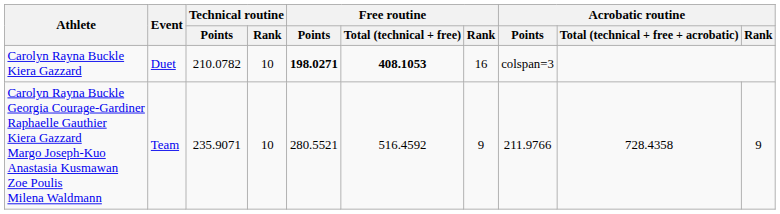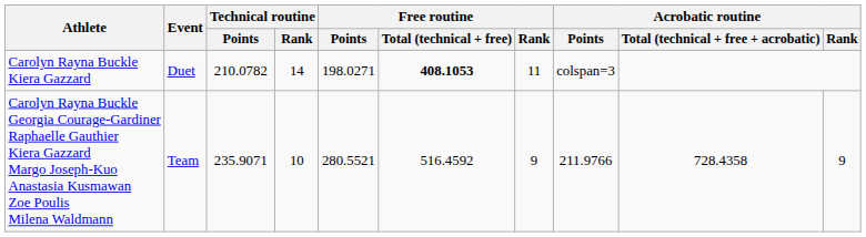 <table class=wikitable style=font-size:90%;text-align:center>
 <tr>
 <th rowspan=2>Athlete</th>
 <th rowspan=2>Event</th>
 <th colspan=2>Technical routine</th>
 <th colspan=3>Free routine</th>
 <th colspan=3>Acrobatic routine</th>
 </tr>
 <tr style=font-size:95%>
 <th>Points</th>
 <th>Rank</th>
 <th>Points</th>
 <th>Total (technical + free)</th>
 <th>Rank</th>
 <th>Points</th>
 <th>Total (technical + free + acrobatic)</th>
 <th>Rank</th>
 </tr>
 <tr>
 <td align=left><a href='#'>Carolyn Rayna Buckle</a><br><a href='#'>Kiera Gazzard</a></td>
 <td align=left><a href='#'>Duet</a></td>
 <td>210.0782</td>
-<td>10</td>
-<td><strong>198.0271</strong></td>
+<td>14</td>
+<td>198.0271</td>
 <td><strong>408.1053</strong></td>
-<td>16</td>
+<td>11</td>
 <td>colspan=3 </td>
 </tr>
 <tr>
 <td align=left><a href='#'>Carolyn Rayna Buckle</a> <br> <a href='#'>Georgia Courage-Gardiner</a> <br><a href='#'>Raphaelle Gauthier</a> <br> <a href='#'>Kiera Gazzard</a> <br> <a href='#'>Margo Joseph-Kuo</a> <br> <a href='#'>Anastasia Kusmawan</a> <br><a href='#'>Zoe Poulis</a> <br><a href='#'>Milena Waldmann</a></td>
 <td align=left><a href='#'>Team</a></td>
 <td>235.9071</td>
 <td>10</td>
 <td>280.5521</td>
 <td>516.4592</td>
 <td>9</td>
 <td>211.9766</td>
 <td>728.4358</td>
 <td>9</td>
 </tr>
 </table>
